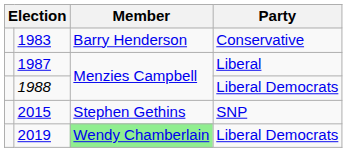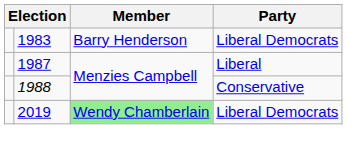 <table class="wikitable">
 <tr>
 <th colspan="2">Election</th>
 <th>Member</th>
 <th>Party</th>
 </tr>
 <tr>
 <td style="color:inherit;background-color: "></td>
 <td><a href='#'>1983</a></td>
 <td><a href='#'>Barry Henderson</a></td>
-<td><a href='#'>Conservative</a></td>
+<td><a href='#'>Liberal Democrats</a></td>
 </tr>
 <tr>
 <td style="color:inherit;background-color: "></td>
 <td><a href='#'>1987</a></td>
 <td rowspan="2"><a href='#'>Menzies Campbell</a></td>
 <td><a href='#'>Liberal</a></td>
 </tr>
 <tr>
 <td style="color:inherit;background-color: "></td>
 <td><em>1988</em></td>
-<td><a href='#'>Liberal Democrats</a></td>
-</tr>
-<tr>
-<td style="color:inherit;background-color: "></td>
-<td><a href='#'>2015</a></td>
-<td><a href='#'>Stephen Gethins</a></td>
-<td><a href='#'>SNP</a></td>
+<td><a href='#'>Conservative</a></td>
 </tr>
 <tr>
 <td style="color:inherit;background-color: "></td>
 <td><a href='#'>2019</a></td>
 <td style="background: lightgreen;"><a href='#'>Wendy Chamberlain</a></td>
 <td><a href='#'>Liberal Democrats</a></td>
 </tr>
 </table>
